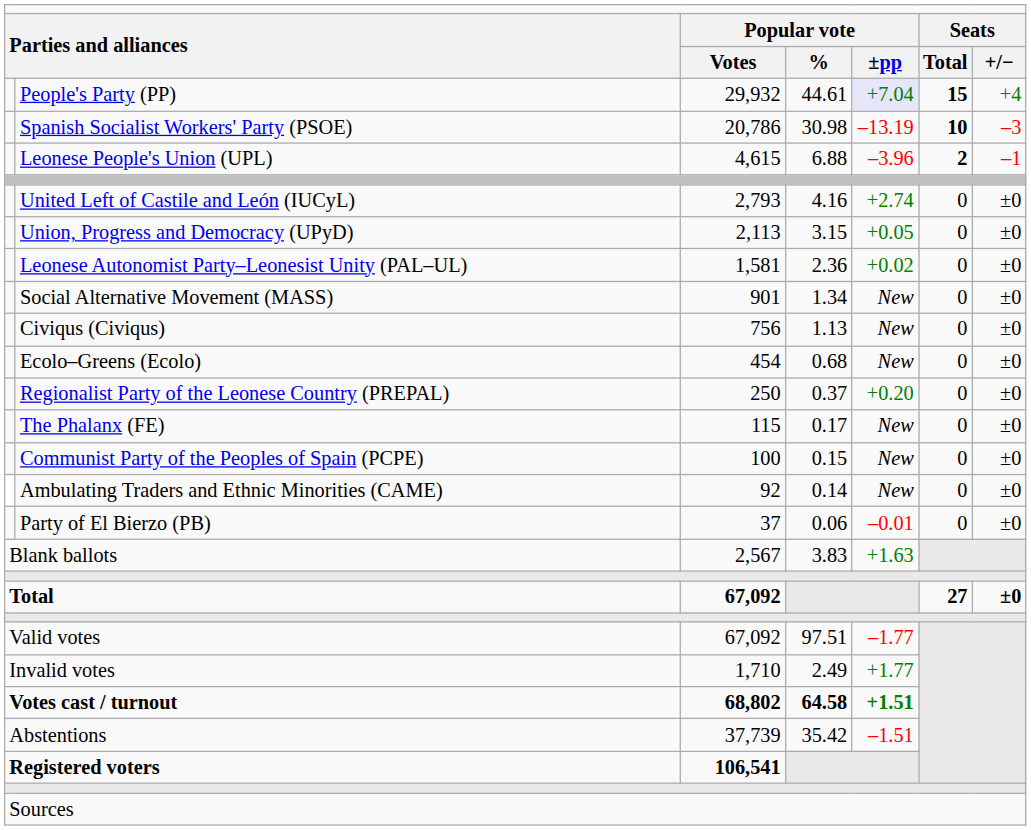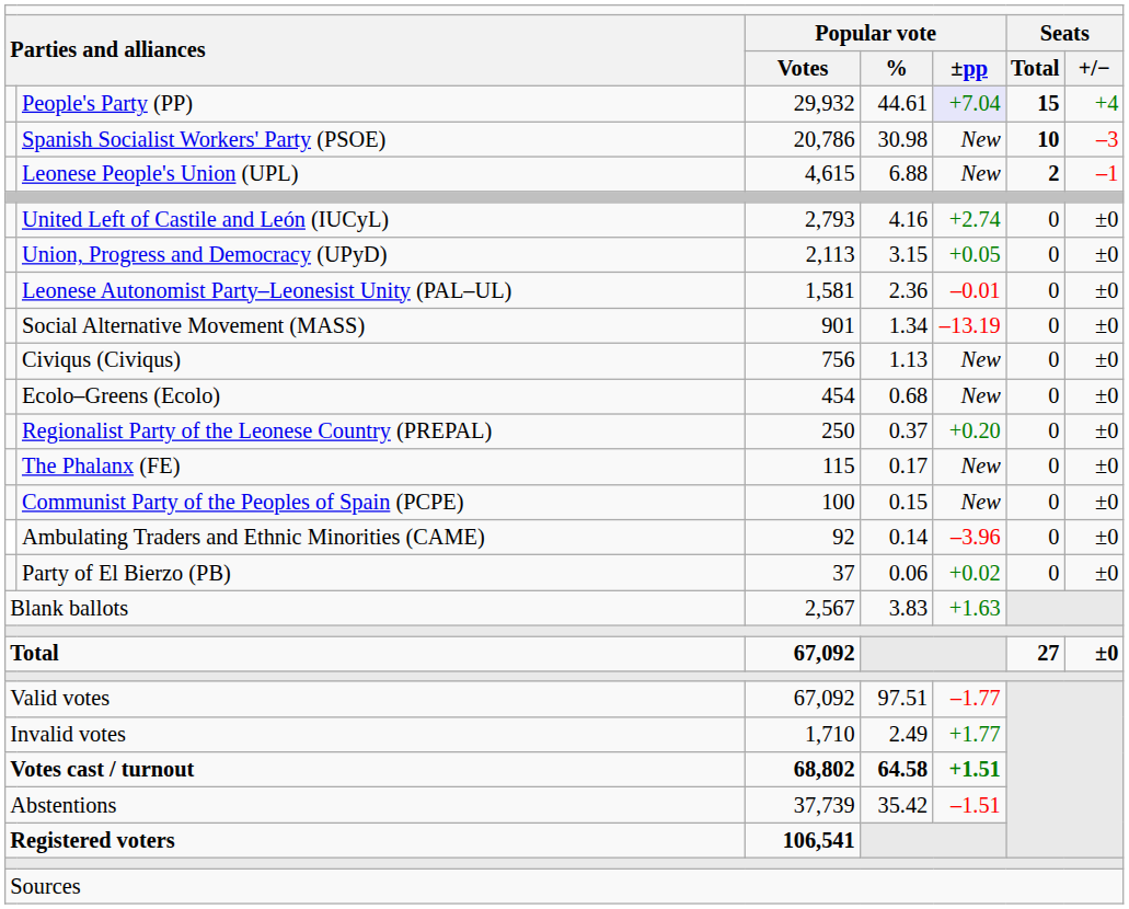 <table class="wikitable" style="text-align:right;">
 <tr>
 <td colspan="7"></td>
 </tr>
 <tr>
 <th style="text-align:left;" rowspan="2" colspan="2" width="525">Parties and alliances</th>
 <th colspan="3">Popular vote</th>
 <th colspan="2">Seats</th>
 </tr>
 <tr>
 <th width="75">Votes</th>
 <th width="45">%</th>
 <th width="45">±<a href='#'>pp</a></th>
 <th width="35">Total</th>
 <th width="35">+/−</th>
 </tr>
 <tr>
 <td width="1" style="color:inherit;background:"></td>
 <td align="left"><a href='#'>People's Party</a> (PP)</td>
 <td>29,932</td>
 <td>44.61</td>
 <td style="background: lavender; color:green;">+7.04</td>
 <td><strong>15</strong></td>
 <td style="color:green;">+4</td>
 </tr>
 <tr>
 <td style="color:inherit;background:"></td>
 <td align="left"><a href='#'>Spanish Socialist Workers' Party</a> (PSOE)</td>
 <td>20,786</td>
 <td>30.98</td>
-<td style="color:red;">–13.19</td>
+<td><em>New</em></td>
 <td><strong>10</strong></td>
 <td style="color:red;">–3</td>
 </tr>
 <tr>
 <td style="color:inherit;background:"></td>
 <td align="left"><a href='#'>Leonese People's Union</a> (UPL)</td>
 <td>4,615</td>
 <td>6.88</td>
-<td style="color:red;">–3.96</td>
+<td><em>New</em></td>
 <td><strong>2</strong></td>
 <td style="color:red;">–1</td>
 </tr>
 <tr>
 <td colspan="7" bgcolor="#C0C0C0"></td>
 </tr>
 <tr>
 <td style="color:inherit;background:"></td>
 <td align="left"><a href='#'>United Left of Castile and León</a> (IUCyL)</td>
 <td>2,793</td>
 <td>4.16</td>
 <td style="color:green;">+2.74</td>
 <td>0</td>
 <td>±0</td>
 </tr>
 <tr>
 <td style="color:inherit;background:"></td>
 <td align="left"><a href='#'>Union, Progress and Democracy</a> (UPyD)</td>
 <td>2,113</td>
 <td>3.15</td>
 <td style="color:green;">+0.05</td>
 <td>0</td>
 <td>±0</td>
 </tr>
 <tr>
 <td style="color:inherit;background:"></td>
 <td align="left"><a href='#'>Leonese Autonomist Party–Leonesist Unity</a> (PAL–UL)</td>
 <td>1,581</td>
 <td>2.36</td>
-<td style="color:green;">+0.02</td>
+<td style="color:red;">–0.01</td>
 <td>0</td>
 <td>±0</td>
 </tr>
 <tr>
 <td style="color:inherit;background:"></td>
 <td align="left">Social Alternative Movement (MASS)</td>
 <td>901</td>
 <td>1.34</td>
-<td><em>New</em></td>
+<td style="color:red;">–13.19</td>
 <td>0</td>
 <td>±0</td>
 </tr>
 <tr>
 <td style="color:inherit;background:"></td>
 <td align="left">Civiqus (Civiqus)</td>
 <td>756</td>
 <td>1.13</td>
 <td><em>New</em></td>
 <td>0</td>
 <td>±0</td>
 </tr>
 <tr>
 <td style="color:inherit;background:"></td>
 <td align="left">Ecolo–Greens (Ecolo)</td>
 <td>454</td>
 <td>0.68</td>
 <td><em>New</em></td>
 <td>0</td>
 <td>±0</td>
 </tr>
 <tr>
 <td style="color:inherit;background:"></td>
 <td align="left"><a href='#'>Regionalist Party of the Leonese Country</a> (PREPAL)</td>
 <td>250</td>
 <td>0.37</td>
 <td style="color:green;">+0.20</td>
 <td>0</td>
 <td>±0</td>
 </tr>
 <tr>
 <td style="color:inherit;background:"></td>
 <td align="left"><a href='#'>The Phalanx</a> (FE)</td>
 <td>115</td>
 <td>0.17</td>
 <td><em>New</em></td>
 <td>0</td>
 <td>±0</td>
 </tr>
 <tr>
 <td style="color:inherit;background:"></td>
 <td align="left"><a href='#'>Communist Party of the Peoples of Spain</a> (PCPE)</td>
 <td>100</td>
 <td>0.15</td>
 <td><em>New</em></td>
 <td>0</td>
 <td>±0</td>
 </tr>
 <tr>
 <td bgcolor="white"></td>
 <td align="left">Ambulating Traders and Ethnic Minorities (CAME)</td>
 <td>92</td>
 <td>0.14</td>
-<td><em>New</em></td>
+<td style="color:red;">–3.96</td>
 <td>0</td>
 <td>±0</td>
 </tr>
 <tr>
 <td style="color:inherit;background:"></td>
 <td align="left">Party of El Bierzo (PB)</td>
 <td>37</td>
 <td>0.06</td>
-<td style="color:red;">–0.01</td>
+<td style="color:green;">+0.02</td>
 <td>0</td>
 <td>±0</td>
 </tr>
 <tr>
 <td align="left" colspan="2">Blank ballots</td>
 <td>2,567</td>
 <td>3.83</td>
 <td style="color:green;">+1.63</td>
 <td bgcolor="#E9E9E9" colspan="2"></td>
 </tr>
 <tr>
 <td colspan="7" bgcolor="#E9E9E9"></td>
 </tr>
 <tr style="font-weight:bold;">
 <td align="left" colspan="2">Total</td>
 <td>67,092</td>
 <td bgcolor="#E9E9E9" colspan="2"></td>
 <td>27</td>
 <td>±0</td>
 </tr>
 <tr>
 <td colspan="7" bgcolor="#E9E9E9"></td>
 </tr>
 <tr>
 <td align="left" colspan="2">Valid votes</td>
 <td>67,092</td>
 <td>97.51</td>
 <td style="color:red;">–1.77</td>
 <td bgcolor="#E9E9E9" colspan="2" rowspan="5"></td>
 </tr>
 <tr>
 <td align="left" colspan="2">Invalid votes</td>
 <td>1,710</td>
 <td>2.49</td>
 <td style="color:green;">+1.77</td>
 </tr>
 <tr style="font-weight:bold;">
 <td align="left" colspan="2">Votes cast / turnout</td>
 <td>68,802</td>
 <td>64.58</td>
 <td style="color:green;">+1.51</td>
 </tr>
 <tr>
 <td align="left" colspan="2">Abstentions</td>
 <td>37,739</td>
 <td>35.42</td>
 <td style="color:red;">–1.51</td>
 </tr>
 <tr style="font-weight:bold;">
 <td align="left" colspan="2">Registered voters</td>
 <td>106,541</td>
 <td bgcolor="#E9E9E9" colspan="2"></td>
 </tr>
 <tr>
 <td colspan="7" bgcolor="#E9E9E9"></td>
 </tr>
 <tr>
 <td align="left" colspan="7">Sources</td>
 </tr>
 </table>
